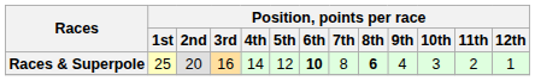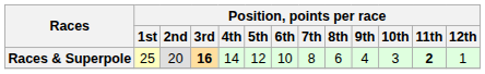 <table class="wikitable" style="font-size:85%; text-align:center">
 <tr>
 <th rowspan="2">Races</th>
 <th colspan="12">Position, points per race</th>
 </tr>
 <tr>
 <th>1st</th>
 <th>2nd</th>
 <th>3rd</th>
 <th>4th</th>
 <th>5th</th>
 <th>6th</th>
 <th>7th</th>
 <th>8th</th>
 <th>9th</th>
 <th>10th</th>
 <th>11th</th>
 <th>12th</th>
 </tr>
 <tr>
 <th>Races & Superpole</th>
 <td style="background-color:#ffffbf">25</td>
 <td style="background-color:#dfdfdf">20</td>
-<td style="background-color:#ffdf9f">16</td>
+<td style="background-color:#ffdf9f"><strong>16</strong></td>
 <td style="background-color:#dfffdf">14</td>
 <td style="background-color:#dfffdf">12</td>
-<td style="background-color:#dfffdf"><strong>10</strong></td>
+<td style="background-color:#dfffdf">10</td>
 <td style="background-color:#dfffdf">8</td>
-<td style="background-color:#dfffdf"><strong>6</strong></td>
+<td style="background-color:#dfffdf">6</td>
 <td style="background-color:#dfffdf">4</td>
 <td style="background-color:#dfffdf">3</td>
-<td style="background-color:#dfffdf">2</td>
+<td style="background-color:#dfffdf"><strong>2</strong></td>
 <td style="background-color:#dfffdf">1</td>
 </tr>
 <tr>
 </tr>
 </table>
